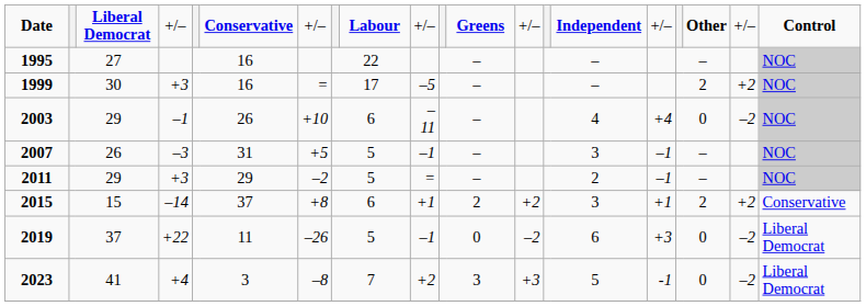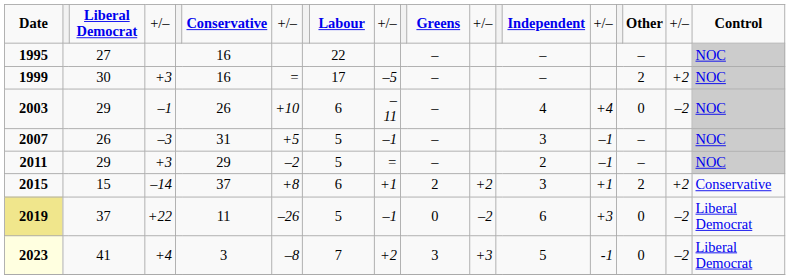 <table class="wikitable" border="1" style="text-align:left; padding-left:1em;">
 <tr>
 <td width=125 align="center"><strong>Date</strong></td>
 <th style="background-color: "></th>
 <td width=100 align="center"><strong><a href='#'>Liberal Democrat</a></strong></td>
 <td width=22 align="center">+/–</td>
 <th style="background-color: "></th>
 <td width=100 align="center"><strong><a href='#'>Conservative</a></strong></td>
 <td width=22 align="center">+/–</td>
 <th style="background-color: "></th>
 <td width=100 align="center"><strong><a href='#'>Labour</a></strong></td>
 <td width=22 align="center">+/–</td>
 <th style="background-color: "></th>
 <td width=100 align="center"><strong><a href='#'>Greens</a></strong></td>
 <td width=22 align="center">+/–</td>
 <th style="background-color: "></th>
 <td width=100 align="center"><strong><a href='#'>Independent</a></strong></td>
 <td width=22 align="center">+/–</td>
 <th></th>
 <td><strong>Other</strong></td>
 <td width=20 align="center">+/–</td>
 <td width=125 align="center"><strong>Control</strong></td>
 </tr>
 <tr>
 <td align="center"><strong>1995</strong></td>
 <td colspan="2" align="center">27</td>
 <td align="right"></td>
 <td colspan="2" align="center">16</td>
 <td align="right"></td>
 <td colspan="2" align="center">22</td>
 <td align="right"></td>
 <td colspan="2" align="center">–</td>
 <td align="right"></td>
 <td colspan="2" align="center">–</td>
 <td align="right"></td>
 <td colspan="2" align="center">–</td>
 <td align="right"></td>
 <td bgcolor="CCCCCC"><a href='#'>NOC</a></td>
 </tr>
 <tr>
 <td align="center"><strong>1999</strong></td>
 <td colspan="2" align="center">30</td>
 <td align="right"><em>+3</em></td>
 <td colspan="2" align="center">16</td>
 <td align="right"><em>=</em></td>
 <td colspan="2" align="center">17</td>
 <td align="right"><em>–5</em></td>
 <td colspan="2" align="center">–</td>
 <td align="right"></td>
 <td colspan="2" align="center">–</td>
 <td align="right"></td>
 <td colspan="2" align="center">2</td>
 <td align="right"><em>+2</em></td>
 <td bgcolor="CCCCCC"><a href='#'>NOC</a></td>
 </tr>
 <tr>
 <td align="center"><strong>2003</strong></td>
 <td colspan="2" align="center">29</td>
 <td align="right"><em>–1</em></td>
 <td colspan="2" align="center">26</td>
 <td align="right"><em>+10</em></td>
 <td colspan="2" align="center">6</td>
 <td align="right"><em>–11</em></td>
 <td colspan="2" align="center">–</td>
 <td align="right"></td>
 <td colspan="2" align="center">4</td>
 <td align="right"><em>+4</em></td>
 <td colspan="2" align="center">0</td>
 <td align="right"><em>–2</em></td>
 <td bgcolor="CCCCCC"><a href='#'>NOC</a></td>
 </tr>
 <tr>
 <td align="center"><strong>2007</strong></td>
 <td colspan="2" align="center">26</td>
 <td align="right"><em>–3</em></td>
 <td colspan="2" align="center">31</td>
 <td align="right"><em>+5</em></td>
 <td colspan="2" align="center">5</td>
 <td align="right"><em>–1</em></td>
 <td colspan="2" align="center">–</td>
 <td align="right"></td>
 <td colspan="2" align="center">3</td>
 <td align="right"><em>–1</em></td>
 <td colspan="2" align="center">–</td>
 <td align="right"></td>
 <td bgcolor="CCCCCC"><a href='#'>NOC</a></td>
 </tr>
 <tr>
 <td align="center"><strong>2011</strong></td>
 <td colspan="2" align="center">29</td>
 <td align="right"><em>+3</em></td>
 <td colspan="2" align="center">29</td>
 <td align="right"><em>–2</em></td>
 <td colspan="2" align="center">5</td>
 <td align="right"><em>=</em></td>
 <td colspan="2" align="center">–</td>
 <td align="right"></td>
 <td colspan="2" align="center">2</td>
 <td align="right"><em>–1</em></td>
 <td colspan="2" align="center">–</td>
 <td align="right"></td>
 <td bgcolor="CCCCCC"><a href='#'>NOC</a></td>
 </tr>
 <tr>
 <td align="center"><strong>2015</strong></td>
 <td colspan="2" align="center">15</td>
 <td align="right"><em>–14</em></td>
 <td colspan="2" align="center">37</td>
 <td align="right"><em>+8</em></td>
 <td colspan="2" align="center">6</td>
 <td align="right"><em>+1</em></td>
 <td colspan="2" align="center">2</td>
 <td align="right"><em>+2</em></td>
 <td colspan="2" align="center">3</td>
 <td align="right"><em>+1</em></td>
 <td colspan="2" align="center">2</td>
 <td align="right"><em>+2</em></td>
 <td><a href='#'>Conservative</a></td>
 </tr>
 <tr>
-<td align="center"><strong>2019</strong></td>
+<td align="center" style="background: khaki;"><strong>2019</strong></td>
 <td colspan="2" align="center">37</td>
 <td align="right"><em>+22</em></td>
 <td colspan="2" align="center">11</td>
 <td align="right"><em>–26</em></td>
 <td colspan="2" align="center">5</td>
 <td align="right"><em>–1</em></td>
 <td colspan="2" align="center">0</td>
 <td align="right"><em>–2</em></td>
 <td colspan="2" align="center">6</td>
 <td align="right"><em>+3</em></td>
 <td colspan="2" align="center">0</td>
 <td align="right"><em>–2</em></td>
 <td><a href='#'>Liberal Democrat</a></td>
 </tr>
 <tr>
-<td align="center"><strong>2023</strong></td>
+<td align="center" style="background: lightyellow;"><strong>2023</strong></td>
 <td colspan="2" align="center">41</td>
 <td align="right"><em>+4</em></td>
 <td colspan="2" align="center">3</td>
 <td align="right"><em>–8</em></td>
 <td colspan="2" align="center">7</td>
 <td align="right"><em>+2</em></td>
 <td colspan="2" align="center">3</td>
 <td align="right"><em>+3</em></td>
 <td colspan="2" align="center">5</td>
 <td align="right"><em>-1</em></td>
 <td colspan="2" align="center">0</td>
 <td align="right"><em>–2</em></td>
 <td><a href='#'>Liberal Democrat</a></td>
 </tr>
 <tr>
 </tr>
 </table>
